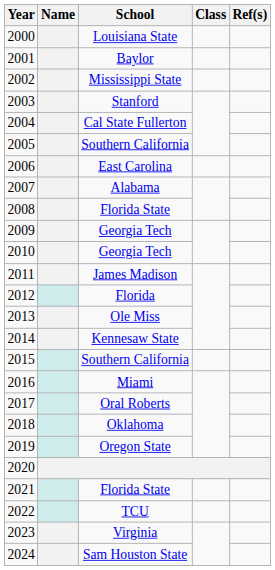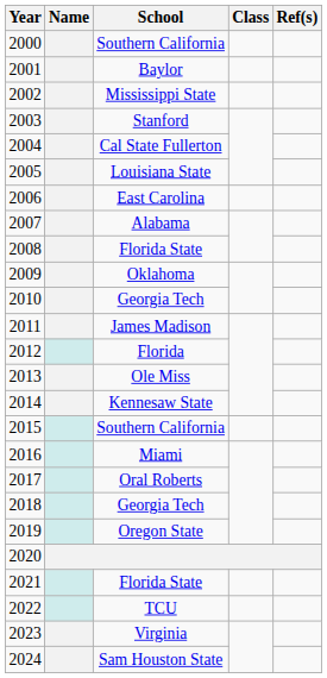 <table class="wikitable sortable plainrowheaders" style="text-align:center">
 <tr>
 <th scope="col">Year</th>
 <th scope="col">Name</th>
 <th scope="col">School</th>
 <th scope="col">Class</th>
 <th scope="col" class=unsortable>Ref(s)</th>
 </tr>
 <tr>
 <td>2000</td>
 <th scope="row" style="text-align:center"></th>
-<td><a href='#'>Louisiana State</a></td>
+<td><a href='#'>Southern California</a></td>
 <td></td>
 <td></td>
 </tr>
 <tr>
 <td>2001</td>
 <th scope="row" style="text-align:center"></th>
 <td><a href='#'>Baylor</a></td>
 <td></td>
 <td></td>
 </tr>
 <tr>
 <td>2002</td>
 <th scope="row" style="text-align:center"></th>
 <td><a href='#'>Mississippi State</a></td>
 <td></td>
 <td></td>
 </tr>
 <tr>
 <td>2003</td>
 <th scope="row" style="text-align:center"></th>
 <td><a href='#'>Stanford</a></td>
 <td rowspan="3"></td>
 <td></td>
 </tr>
 <tr>
 <td>2004</td>
 <th scope="row" style="text-align:center"></th>
 <td><a href='#'>Cal State Fullerton</a></td>
 <td></td>
 </tr>
 <tr>
 <td>2005</td>
 <th scope="row" style="text-align:center"></th>
-<td><a href='#'>Southern California</a></td>
+<td><a href='#'>Louisiana State</a></td>
 <td></td>
 </tr>
 <tr>
 <td>2006</td>
 <th scope="row" style="text-align:center"></th>
 <td><a href='#'>East Carolina</a></td>
 <td></td>
 <td></td>
 </tr>
 <tr>
 <td>2007</td>
 <th scope="row" style="text-align:center;"></th>
 <td><a href='#'>Alabama</a></td>
 <td rowspan="2"></td>
 <td></td>
 </tr>
 <tr>
 <td>2008</td>
 <th scope="row" style="text-align:center; "></th>
 <td><a href='#'>Florida State</a></td>
 <td></td>
 </tr>
 <tr>
 <td>2009</td>
 <th scope="row" style="text-align:center"></th>
-<td><a href='#'>Georgia Tech</a></td>
+<td><a href='#'>Oklahoma</a></td>
 <td rowspan="2"></td>
 <td></td>
 </tr>
 <tr>
 <td>2010</td>
 <th scope="row" style="text-align:center"></th>
 <td><a href='#'>Georgia Tech</a></td>
 <td></td>
 </tr>
 <tr>
 <td>2011</td>
 <th scope="row" style="text-align:center"></th>
 <td><a href='#'>James Madison</a></td>
 <td rowspan="4"></td>
 <td></td>
 </tr>
 <tr>
 <td>2012</td>
 <th scope="row" style="text-align:center; background:#cfecec;"></th>
 <td><a href='#'>Florida</a></td>
 <td></td>
 </tr>
 <tr>
 <td>2013</td>
 <th scope="row" style="text-align:center"></th>
 <td><a href='#'>Ole Miss</a></td>
 <td></td>
 </tr>
 <tr>
 <td>2014</td>
 <th scope="row" style="text-align:center"></th>
 <td><a href='#'>Kennesaw State</a></td>
 <td></td>
 </tr>
 <tr>
 <td>2015</td>
 <th scope="row" style="text-align:center; background:#cfecec;"></th>
 <td><a href='#'>Southern California</a></td>
 <td></td>
 <td></td>
 </tr>
 <tr>
 <td>2016</td>
 <th scope="row" style="text-align:center; background:#cfecec;"></th>
 <td><a href='#'>Miami</a></td>
 <td rowspan="4"></td>
 <td></td>
 </tr>
 <tr>
 <td>2017</td>
 <th scope="row" style="text-align:center; background:#cfecec;"></th>
 <td><a href='#'>Oral Roberts</a></td>
 <td></td>
 </tr>
 <tr>
 <td>2018</td>
 <th scope="row" style="text-align:center; background:#cfecec;"></th>
-<td><a href='#'>Oklahoma</a></td>
+<td><a href='#'>Georgia Tech</a></td>
 <td></td>
 </tr>
 <tr>
 <td>2019</td>
 <th scope="row" style="text-align:center; background:#cfecec;"></th>
 <td><a href='#'>Oregon State</a></td>
 <td></td>
 </tr>
 <tr>
 <td>2020</td>
 <th colspan="4"><em></em></th>
 </tr>
 <tr>
 <td>2021</td>
 <th scope="row" style="text-align:center; background:#cfecec;"></th>
 <td><a href='#'>Florida State</a></td>
 <td></td>
 <td></td>
 </tr>
 <tr>
 <td>2022</td>
 <th scope="row" style="text-align:center; background:#cfecec;"></th>
 <td><a href='#'>TCU</a></td>
 <td></td>
 <td></td>
 </tr>
 <tr>
 <td>2023</td>
 <th scope="row" style="text-align:center"></th>
 <td><a href='#'>Virginia</a></td>
 <td rowspan="2"></td>
 <td></td>
 </tr>
 <tr>
 <td>2024</td>
 <th scope="row" style="text-align:center"></th>
 <td><a href='#'>Sam Houston State</a></td>
 <td></td>
 </tr>
 </table>
